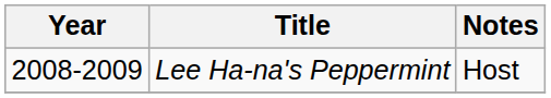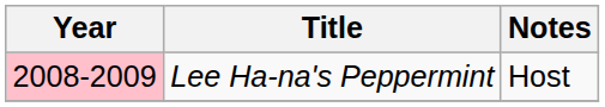 <table class="wikitable">
 <tr>
 <th>Year</th>
 <th>Title</th>
 <th>Notes</th>
 </tr>
 <tr>
-<td>2008-2009</td>
+<td style="background: pink;">2008-2009</td>
 <td><em>Lee Ha-na's Peppermint</em></td>
 <td>Host</td>
 </tr>
 <tr>
 </tr>
 </table>
